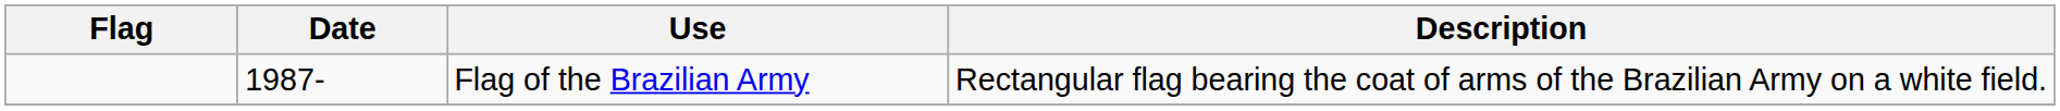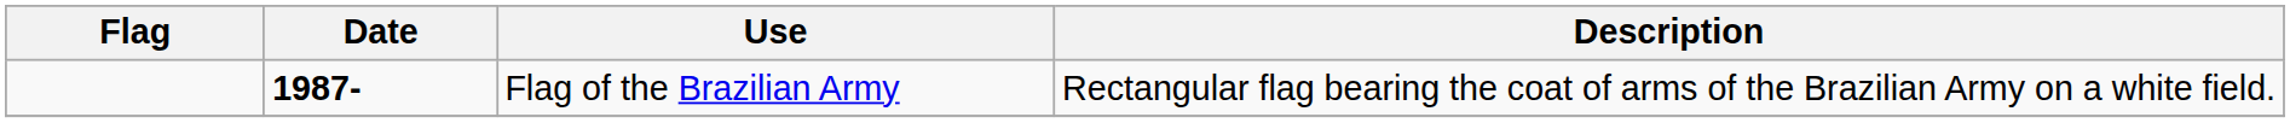 <table class="wikitable" style="background: #f9f9f9">
 <tr>
 <th width="112">Flag</th>
 <th width="100">Date</th>
 <th width="250">Use</th>
 <th>Description</th>
 </tr>
 <tr>
 <td></td>
-<td>1987-</td>
+<td><strong>1987-</strong></td>
 <td>Flag of the <a href='#'>Brazilian Army</a></td>
 <td>Rectangular flag bearing the coat of arms of the Brazilian Army on a white field.</td>
 </tr>
 <tr>
 </tr>
 </table>
